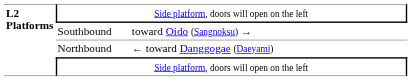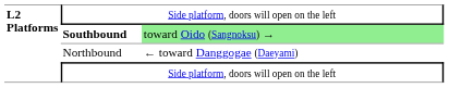 <table table border=0 cellspacing=0 cellpadding=3>
 <tr>
 <td style="border-top:solid 1px gray;border-bottom:solid 1px gray;" width=50 rowspan=10 valign=top><strong>L2<br>Platforms</strong></td>
 <td style="border-top:solid 1px gray;border-right:solid 2px black;border-left:solid 2px black;border-bottom:solid 2px black;text-align:center;" colspan=2><small><a href='#'>Side platform</a>, doors will open on the left</small></td>
 </tr>
 <tr>
-<td>Southbound</td>
-<td>  toward <a href='#'>Oido</a> <small>(<a href='#'>Sangnoksu</a>)</small> →</td>
+<td><strong>Southbound</strong></td>
+<td style="background: lightgreen;">  toward <a href='#'>Oido</a> <small>(<a href='#'>Sangnoksu</a>)</small> →</td>
 </tr>
 <tr>
 <td style="border-bottom:solid 0px gray;border-top:solid 1px gray;" width=100>Northbound</td>
 <td style="border-bottom:solid 0px gray;border-top:solid 1px gray;" width=390>←  toward <a href='#'>Danggogae</a> <small>(<a href='#'>Daeyami</a>)</small></td>
 </tr>
 <tr>
 <td style="border-top:solid 2px black;border-right:solid 2px black;border-left:solid 2px black;border-bottom:solid 1px gray;text-align:center;" colspan=2><small><a href='#'>Side platform</a>, doors will open on the left</small></td>
 </tr>
 </table>
